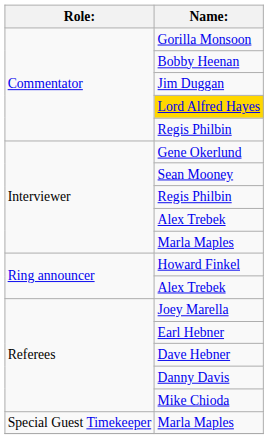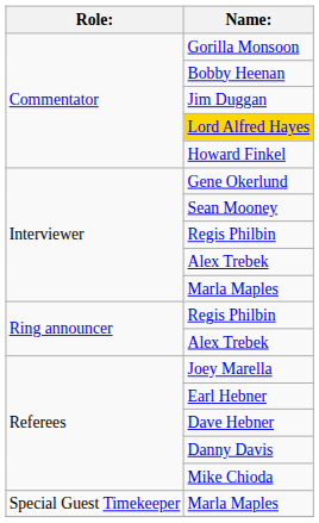 <table class=wikitable style="font-size:90%; margin: 0.5em 0 0.5em 1em; float: right; clear: right;">
 <tr>
 <th>Role:</th>
 <th>Name:</th>
 </tr>
 <tr>
 <td rowspan=5><a href='#'>Commentator</a></td>
 <td><a href='#'>Gorilla Monsoon</a></td>
 </tr>
 <tr>
 <td><a href='#'>Bobby Heenan</a></td>
 </tr>
 <tr>
 <td><a href='#'>Jim Duggan</a> </td>
 </tr>
 <tr>
 <td style="background: gold;"><a href='#'>Lord Alfred Hayes</a> </td>
 </tr>
 <tr>
-<td><a href='#'>Regis Philbin</a> </td>
+<td><a href='#'>Howard Finkel</a></td>
 </tr>
 <tr>
 <td rowspan=5>Interviewer</td>
 <td><a href='#'>Gene Okerlund</a></td>
 </tr>
 <tr>
 <td><a href='#'>Sean Mooney</a></td>
 </tr>
 <tr>
 <td><a href='#'>Regis Philbin</a></td>
 </tr>
 <tr>
 <td><a href='#'>Alex Trebek</a></td>
 </tr>
 <tr>
 <td><a href='#'>Marla Maples</a></td>
 </tr>
 <tr>
 <td rowspan=2><a href='#'>Ring announcer</a></td>
-<td><a href='#'>Howard Finkel</a></td>
+<td><a href='#'>Regis Philbin</a> </td>
 </tr>
 <tr>
 <td><a href='#'>Alex Trebek</a> </td>
 </tr>
 <tr>
 <td rowspan=5>Referees</td>
 <td><a href='#'>Joey Marella</a></td>
 </tr>
 <tr>
 <td><a href='#'>Earl Hebner</a></td>
 </tr>
 <tr>
 <td><a href='#'>Dave Hebner</a></td>
 </tr>
 <tr>
 <td><a href='#'>Danny Davis</a></td>
 </tr>
 <tr>
 <td><a href='#'>Mike Chioda</a></td>
 </tr>
 <tr>
 <td>Special Guest <a href='#'>Timekeeper</a></td>
 <td><a href='#'>Marla Maples</a> </td>
 </tr>
 <tr>
 </tr>
 </table>
